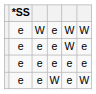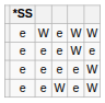 <table class="wikitable" style="text-align: center; float: left; margin-right: 1em;">
 <tr>
 <th></th>
 <th>*SS</th>
 <th></th>
 <th></th>
 <th></th>
 <th></th>
 </tr>
 <tr>
 <th style="text-align: left;"></th>
 <td>e</td>
 <td>W</td>
 <td>e</td>
 <td>W</td>
 <td>W</td>
 </tr>
 <tr>
 <th style="text-align: left;"></th>
 <td>e</td>
 <td>e</td>
 <td>e</td>
 <td>W</td>
 <td>e</td>
 </tr>
 <tr>
 <th style="text-align: left;"></th>
 <td>e</td>
 <td>e</td>
 <td>e</td>
 <td>e</td>
-<td>e</td>
+<td>W</td>
 </tr>
 <tr>
 <th style="text-align: left;"></th>
 <td>e</td>
 <td>e</td>
 <td>W</td>
 <td>e</td>
 <td>W</td>
 </tr>
 </table>
